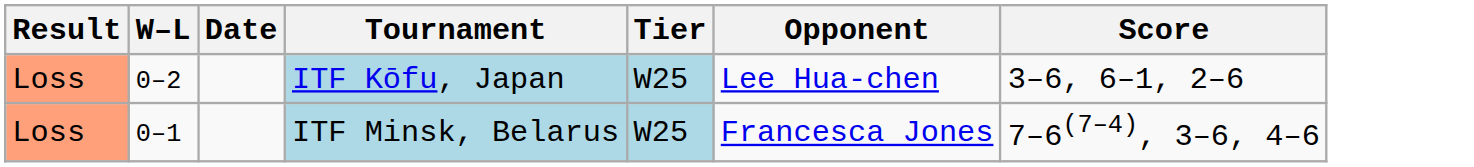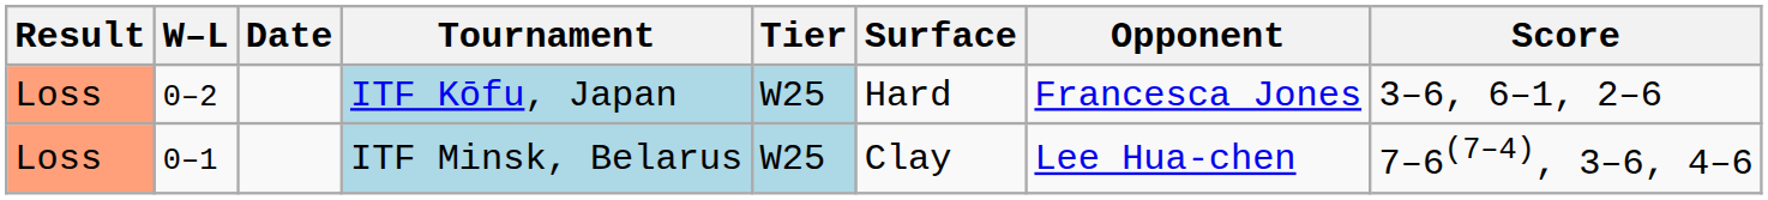 <table class="sortable wikitable nowrap">
 <tr>
 <th>Result</th>
 <th class="unsortable">W–L</th>
 <th>Date</th>
 <th>Tournament</th>
 <th>Tier</th>
+<th>Surface</th>
 <th>Opponent</th>
 <th class="unsortable">Score</th>
 </tr>
 <tr>
 <td bgcolor="ffa07a">Loss</td>
 <td><small>0–2</small></td>
 <td></td>
 <td style="background:lightblue"><a href='#'>ITF Kōfu</a>, Japan</td>
 <td style="background:lightblue">W25</td>
-<td> <a href='#'>Lee Hua-chen</a></td>
+<td>Hard</td>
+<td> <a href='#'>Francesca Jones</a></td>
 <td>3–6, 6–1, 2–6</td>
 </tr>
 <tr>
 <td bgcolor="ffa07a">Loss</td>
 <td><small>0–1</small></td>
 <td></td>
 <td style="background:lightblue">ITF Minsk, Belarus</td>
 <td style="background:lightblue">W25</td>
-<td> <a href='#'>Francesca Jones</a></td>
+<td>Clay</td>
+<td> <a href='#'>Lee Hua-chen</a></td>
 <td>7–6<sup>(7–4)</sup>, 3–6, 4–6</td>
 </tr>
 </table>
